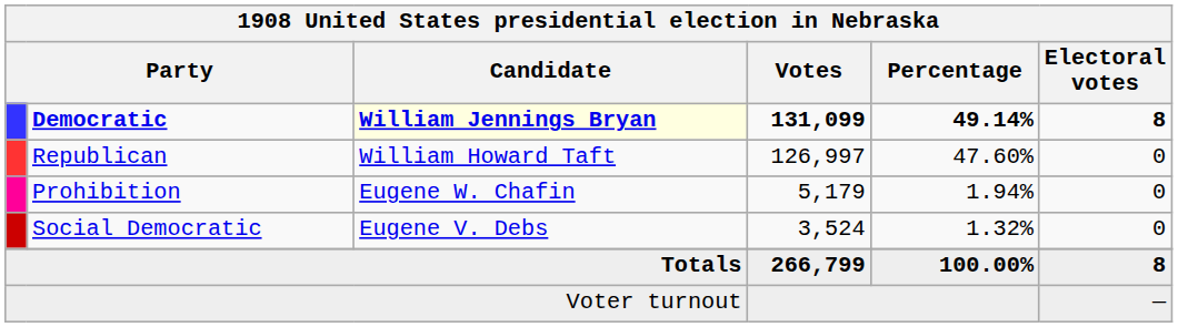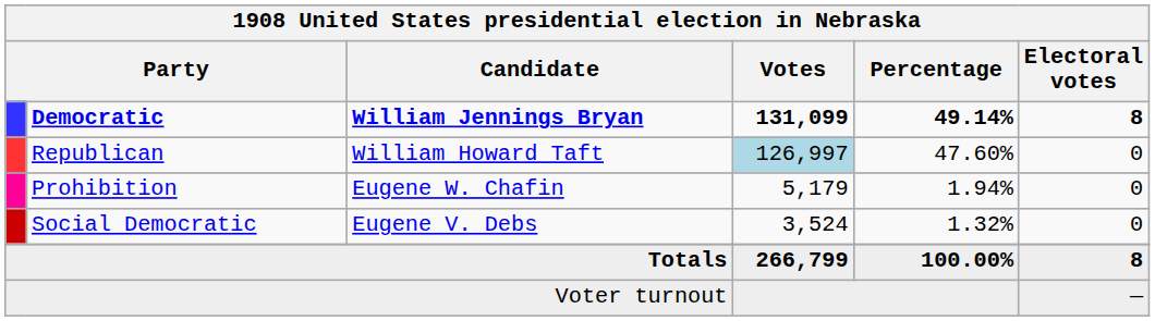 <table class="wikitable" style="font-size: 95%;">
 <tr>
 <th colspan="6">1908 United States presidential election in Nebraska</th>
 </tr>
 <tr>
 <th colspan="2" style="width: 15em">Party</th>
 <th style="width: 17em">Candidate</th>
 <th style="width: 5em">Votes</th>
 <th style="width: 7em">Percentage</th>
 <th style="width: 5em">Electoral votes</th>
 </tr>
 <tr>
 <th style="background-color:#3333FF; width: 3px"></th>
 <td style="width: 130px"><strong><a href='#'>Democratic</a></strong></td>
-<td style="background: lightyellow;"><strong><a href='#'>William Jennings Bryan</a></strong></td>
+<td><strong><a href='#'>William Jennings Bryan</a></strong></td>
 <td align="right"><strong>131,099</strong></td>
 <td align="right"><strong>49.14%</strong></td>
 <td align="right"><strong>8</strong></td>
 </tr>
 <tr>
 <th style="background-color:#FF3333; width: 3px"></th>
 <td style="width: 130px"><a href='#'>Republican</a></td>
 <td><a href='#'>William Howard Taft</a></td>
-<td align="right">126,997</td>
+<td align="right" style="background: lightblue;">126,997</td>
 <td align="right">47.60%</td>
 <td align="right">0</td>
 </tr>
 <tr>
 <th style="background-color:#f09; width: 3px"></th>
 <td style="width: 130px"><a href='#'>Prohibition</a></td>
 <td><a href='#'>Eugene W. Chafin</a></td>
 <td align="right">5,179</td>
 <td align="right">1.94%</td>
 <td align="right">0</td>
 </tr>
 <tr>
 <th style="background-color:#c00; width: 3px"></th>
 <td style="width: 130px"><a href='#'>Social Democratic</a></td>
 <td><a href='#'>Eugene V. Debs</a></td>
 <td align="right">3,524</td>
 <td align="right">1.32%</td>
 <td align="right">0</td>
 </tr>
 <tr>
 </tr>
 <tr bgcolor="#EEEEEE">
 <td colspan="3" align="right"><strong>Totals</strong></td>
 <td align="right"><strong>266,799</strong></td>
 <td align="right"><strong>100.00%</strong></td>
 <td align="right"><strong>8</strong></td>
 </tr>
 <tr bgcolor="#EEEEEE">
 <td colspan="3" align="right">Voter turnout</td>
 <td colspan="2" align="right"></td>
 <td align="right">—</td>
 </tr>
 </table>
